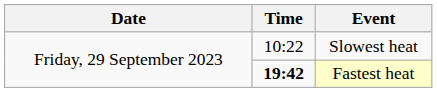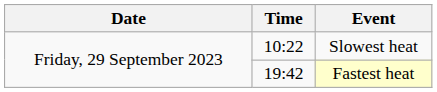 <table class = "wikitable" style="text-align:center;">
 <tr>
 <th width=220>Date</th>
 <th width=50>Time</th>
 <th width=100>Event</th>
 </tr>
 <tr>
 <td rowspan=2>Friday, 29 September 2023</td>
 <td>10:22</td>
 <td>Slowest heat</td>
 </tr>
 <tr>
-<td><strong>19:42</strong></td>
+<td>19:42</td>
 <td bgcolor=ffffcc>Fastest heat</td>
 </tr>
 </table>
